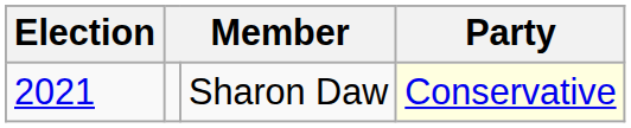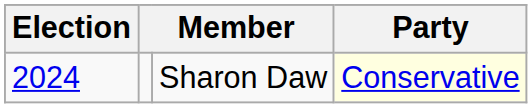 <table class="wikitable">
 <tr>
 <th>Election</th>
 <th colspan="2">Member</th>
 <th>Party</th>
 </tr>
 <tr>
-<td><a href='#'>2021</a></td>
+<td><a href='#'>2024</a></td>
 <td rowspan="1" style="background-color: "></td>
 <td rowspan="1">Sharon Daw</td>
 <td rowspan="1" style="background: lightyellow;"><a href='#'>Conservative</a></td>
 </tr>
 </table>
